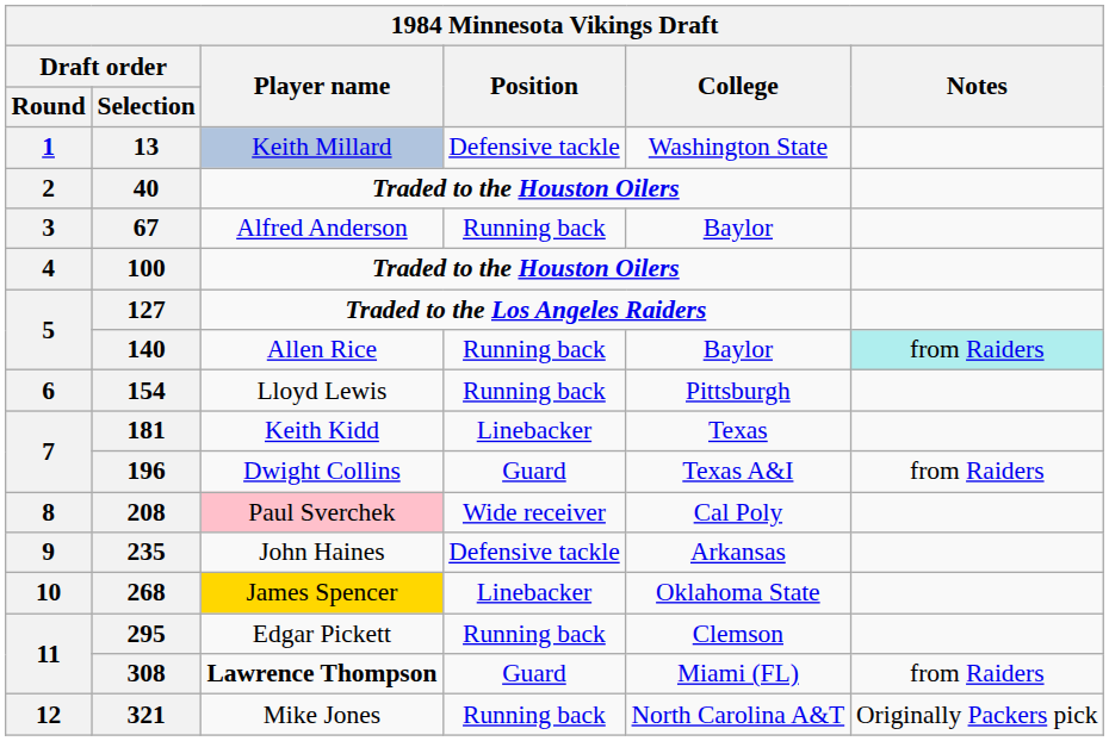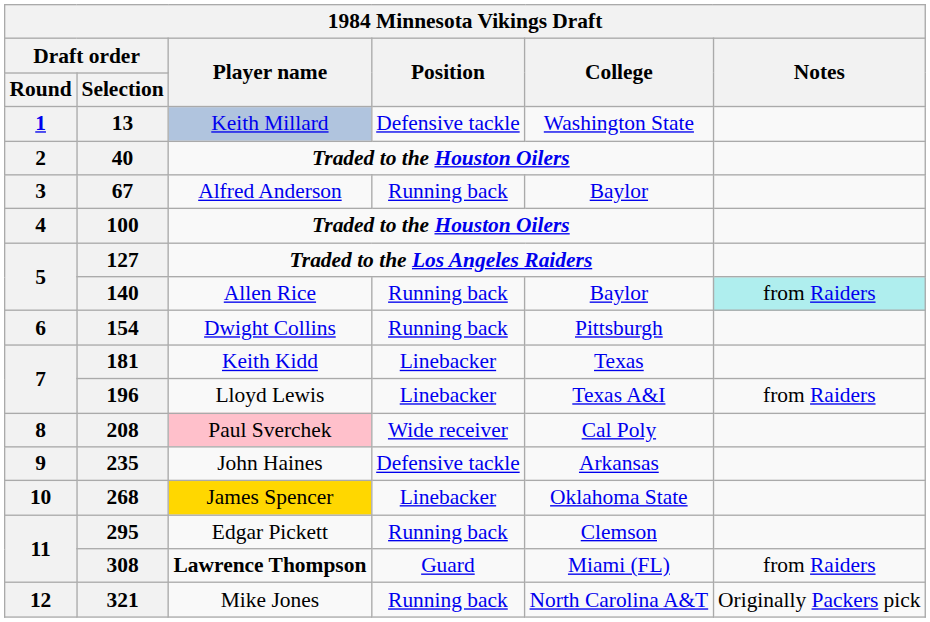 <table class="wikitable" style="text-align:center">
 <tr>
 <th colspan="6">1984 Minnesota Vikings Draft</th>
 </tr>
 <tr>
 <th colspan="2">Draft order</th>
 <th rowspan="2">Player name</th>
 <th rowspan="2">Position</th>
 <th rowspan="2">College</th>
 <th rowspan="2">Notes</th>
 </tr>
 <tr>
 <th>Round</th>
 <th>Selection</th>
 </tr>
 <tr>
 <th><a href='#'>1</a></th>
 <th>13</th>
 <td bgcolor=lightsteelblue><a href='#'>Keith Millard</a></td>
 <td><a href='#'>Defensive tackle</a></td>
 <td><a href='#'>Washington State</a></td>
 <td></td>
 </tr>
 <tr>
 <th>2</th>
 <th>40</th>
 <td colspan="3"><strong><em>Traded to the <a href='#'>Houston Oilers</a></em></strong></td>
 <td></td>
 </tr>
 <tr>
 <th>3</th>
 <th>67</th>
 <td><a href='#'>Alfred Anderson</a></td>
 <td><a href='#'>Running back</a></td>
 <td><a href='#'>Baylor</a></td>
 <td></td>
 </tr>
 <tr>
 <th>4</th>
 <th>100</th>
 <td colspan="3"><strong><em>Traded to the <a href='#'>Houston Oilers</a></em></strong></td>
 <td></td>
 </tr>
 <tr>
 <th rowspan="2">5</th>
 <th>127</th>
 <td colspan="3"><strong><em>Traded to the <a href='#'>Los Angeles Raiders</a></em></strong></td>
 <td></td>
 </tr>
 <tr>
 <th>140</th>
 <td><a href='#'>Allen Rice</a></td>
 <td><a href='#'>Running back</a></td>
 <td><a href='#'>Baylor</a></td>
 <td style="background: paleturquoise;">from <a href='#'>Raiders</a></td>
 </tr>
 <tr>
 <th>6</th>
 <th>154</th>
-<td>Lloyd Lewis</td>
+<td><a href='#'>Dwight Collins</a></td>
 <td><a href='#'>Running back</a></td>
 <td><a href='#'>Pittsburgh</a></td>
 <td></td>
 </tr>
 <tr>
 <th rowspan="2">7</th>
 <th>181</th>
 <td><a href='#'>Keith Kidd</a></td>
 <td><a href='#'>Linebacker</a></td>
 <td><a href='#'>Texas</a></td>
 <td></td>
 </tr>
 <tr>
 <th>196</th>
-<td><a href='#'>Dwight Collins</a></td>
-<td><a href='#'>Guard</a></td>
+<td>Lloyd Lewis</td>
+<td><a href='#'>Linebacker</a></td>
 <td><a href='#'>Texas A&I</a></td>
 <td>from <a href='#'>Raiders</a></td>
 </tr>
 <tr>
 <th>8</th>
 <th>208</th>
 <td style="background: pink;">Paul Sverchek</td>
 <td><a href='#'>Wide receiver</a></td>
 <td><a href='#'>Cal Poly</a></td>
 <td></td>
 </tr>
 <tr>
 <th>9</th>
 <th>235</th>
 <td>John Haines</td>
 <td><a href='#'>Defensive tackle</a></td>
 <td><a href='#'>Arkansas</a></td>
 <td></td>
 </tr>
 <tr>
 <th>10</th>
 <th>268</th>
 <td style="background: gold;">James Spencer</td>
 <td><a href='#'>Linebacker</a></td>
 <td><a href='#'>Oklahoma State</a></td>
 <td></td>
 </tr>
 <tr>
 <th rowspan="2">11</th>
 <th>295</th>
 <td>Edgar Pickett</td>
 <td><a href='#'>Running back</a></td>
 <td><a href='#'>Clemson</a></td>
 <td></td>
 </tr>
 <tr>
 <th>308</th>
 <td><strong>Lawrence Thompson</strong></td>
 <td><a href='#'>Guard</a></td>
 <td><a href='#'>Miami (FL)</a></td>
 <td>from <a href='#'>Raiders</a></td>
 </tr>
 <tr>
 <th>12</th>
 <th>321</th>
 <td>Mike Jones</td>
 <td><a href='#'>Running back</a></td>
 <td><a href='#'>North Carolina A&T</a></td>
 <td>Originally <a href='#'>Packers</a> pick</td>
 </tr>
 </table>
